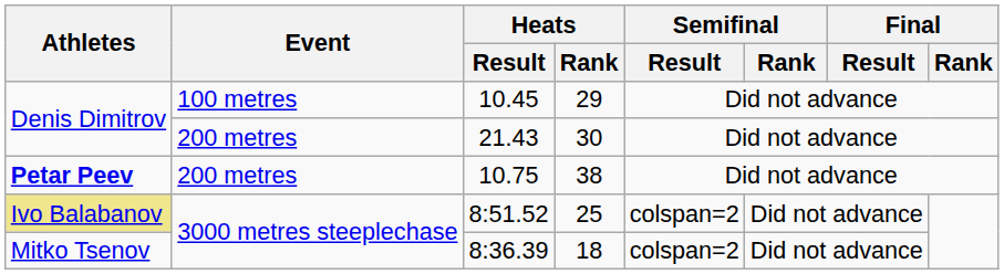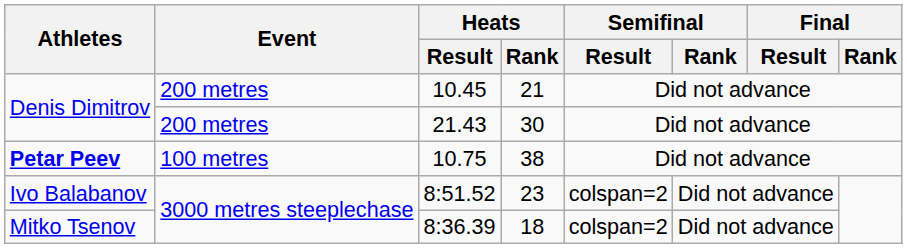 <table class="wikitable" border="1" style="font-size:90%">
 <tr>
 <th rowspan="2">Athletes</th>
 <th rowspan="2">Event</th>
 <th colspan="2">Heats</th>
 <th colspan="2">Semifinal</th>
 <th colspan="2">Final</th>
 </tr>
 <tr>
 <th>Result</th>
 <th>Rank</th>
 <th>Result</th>
 <th>Rank</th>
 <th>Result</th>
 <th>Rank</th>
 </tr>
 <tr>
 <td rowspan=2><a href='#'>Denis Dimitrov</a></td>
-<td><a href='#'>100 metres</a></td>
+<td><a href='#'>200 metres</a></td>
 <td align=center>10.45</td>
-<td align=center>29</td>
+<td align=center>21</td>
 <td colspan=4 align=center>Did not advance</td>
 </tr>
 <tr>
 <td><a href='#'>200 metres</a></td>
 <td align=center>21.43</td>
 <td align=center>30</td>
 <td colspan=4 align=center>Did not advance</td>
 </tr>
 <tr>
 <td><strong><a href='#'>Petar Peev</a></strong></td>
-<td><a href='#'>200 metres</a></td>
+<td><a href='#'>100 metres</a></td>
 <td align=center>10.75</td>
 <td align=center>38</td>
 <td colspan=4 align=center>Did not advance</td>
 </tr>
 <tr>
-<td style="background: khaki;"><a href='#'>Ivo Balabanov</a></td>
+<td><a href='#'>Ivo Balabanov</a></td>
 <td rowspan=2><a href='#'>3000 metres steeplechase</a></td>
 <td align=center>8:51.52 <strong></strong></td>
-<td align=center>25</td>
+<td align=center>23</td>
 <td>colspan=2</td>
 <td colspan=2 align=center>Did not advance</td>
 </tr>
 <tr>
 <td><a href='#'>Mitko Tsenov</a></td>
 <td align=center>8:36.39</td>
 <td align=center>18</td>
 <td>colspan=2</td>
 <td colspan=2 align=center>Did not advance</td>
 </tr>
 </table>
